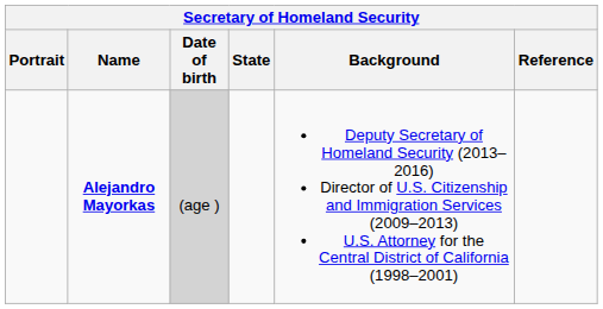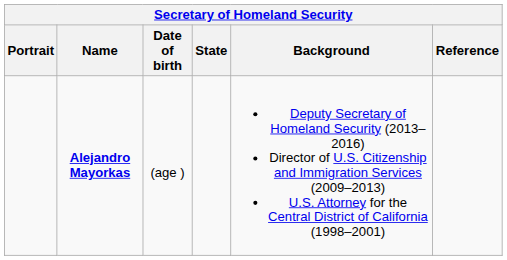 <table class="wikitable collapsible" style="text-align:center;">
 <tr>
 <th colspan="6"><a href='#'>Secretary of Homeland Security</a></th>
 </tr>
 <tr>
 <th>Portrait</th>
 <th>Name</th>
 <th>Date of birth</th>
 <th>State</th>
 <th>Background</th>
 <th>Reference</th>
 </tr>
 <tr>
 <td></td>
 <td><strong><a href='#'>Alejandro Mayorkas</a></strong></td>
-<td style="background: lightgrey;"><br>(age )</td>
+<td><br>(age )</td>
 <td></td>
 <td><br><ul><li><a href='#'>Deputy Secretary of Homeland Security</a> (2013–2016)</li><li>Director of <a href='#'>U.S. Citizenship and Immigration Services</a> (2009–2013)</li><li><a href='#'>U.S. Attorney</a> for the <a href='#'>Central District of California</a> (1998–2001)</li></ul></td>
 <td></td>
 </tr>
 </table>
